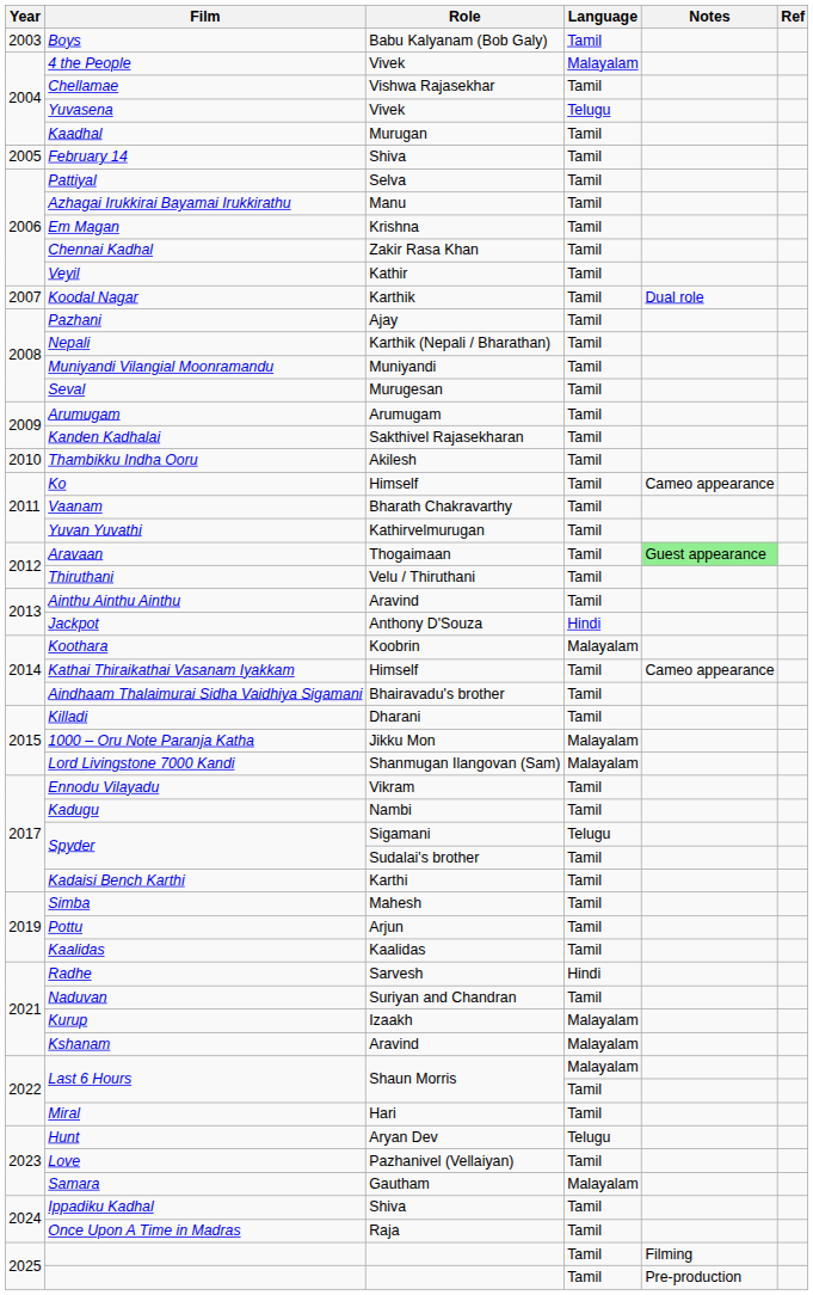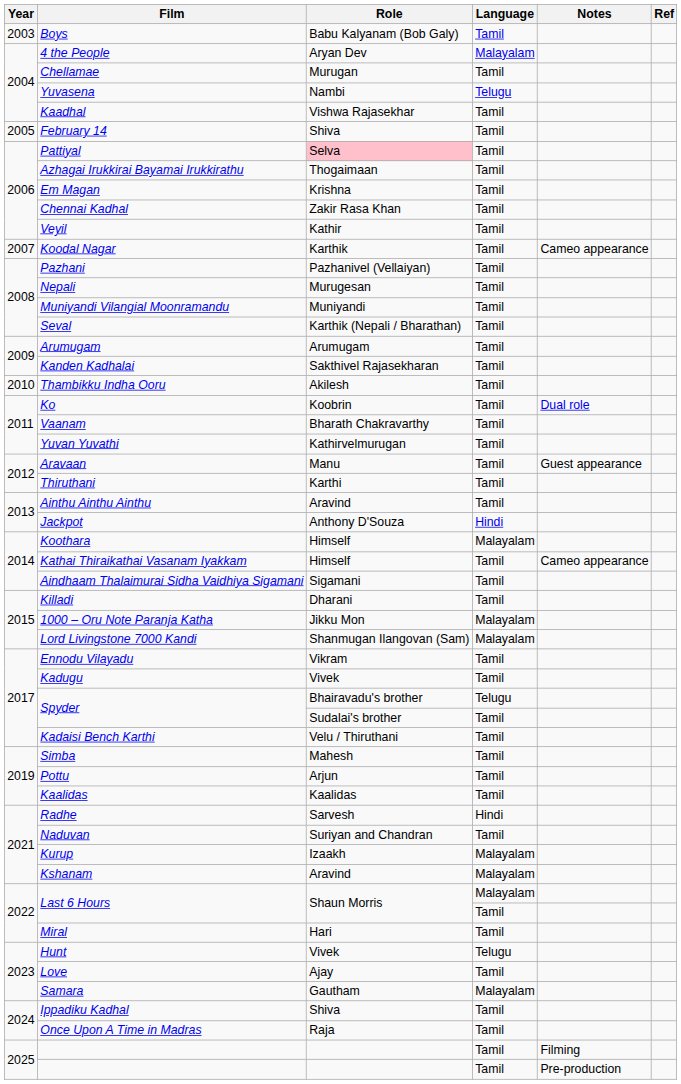 <table class="wikitable sortable">
 <tr>
 <th>Year</th>
 <th>Film</th>
 <th>Role</th>
 <th>Language</th>
 <th>Notes</th>
 <th>Ref</th>
 </tr>
 <tr>
 <td>2003</td>
 <td><em><a href='#'>Boys</a></em></td>
 <td>Babu Kalyanam (Bob Galy)</td>
 <td><a href='#'>Tamil</a></td>
 <td></td>
 <td></td>
 </tr>
 <tr>
 <td rowspan="4">2004</td>
 <td><em><a href='#'>4 the People</a></em></td>
-<td>Vivek</td>
+<td>Aryan Dev</td>
 <td><a href='#'>Malayalam</a></td>
 <td></td>
 <td></td>
 </tr>
 <tr>
 <td><em><a href='#'>Chellamae</a></em></td>
-<td>Vishwa Rajasekhar</td>
+<td>Murugan</td>
 <td>Tamil</td>
 <td></td>
 <td></td>
 </tr>
 <tr>
 <td><em><a href='#'>Yuvasena</a></em></td>
-<td>Vivek</td>
+<td>Nambi</td>
 <td><a href='#'>Telugu</a></td>
 <td></td>
 <td></td>
 </tr>
 <tr>
 <td><em><a href='#'>Kaadhal</a></em></td>
-<td>Murugan</td>
+<td>Vishwa Rajasekhar</td>
 <td>Tamil</td>
 <td></td>
 <td></td>
 </tr>
 <tr>
 <td>2005</td>
 <td><em><a href='#'>February 14</a></em></td>
 <td>Shiva</td>
 <td>Tamil</td>
 <td></td>
 <td></td>
 </tr>
 <tr>
 <td rowspan="5">2006</td>
 <td><em><a href='#'>Pattiyal</a></em></td>
-<td>Selva</td>
+<td style="background: pink;">Selva</td>
 <td>Tamil</td>
 <td></td>
 <td></td>
 </tr>
 <tr>
 <td><em><a href='#'>Azhagai Irukkirai Bayamai Irukkirathu</a></em></td>
-<td>Manu</td>
+<td>Thogaimaan</td>
 <td>Tamil</td>
 <td></td>
 <td></td>
 </tr>
 <tr>
 <td><em><a href='#'>Em Magan</a></em></td>
 <td>Krishna</td>
 <td>Tamil</td>
 <td></td>
 <td></td>
 </tr>
 <tr>
 <td><em><a href='#'>Chennai Kadhal</a></em></td>
 <td>Zakir Rasa Khan</td>
 <td>Tamil</td>
 <td></td>
 <td></td>
 </tr>
 <tr>
 <td><em><a href='#'>Veyil</a></em></td>
 <td>Kathir</td>
 <td>Tamil</td>
 <td></td>
 <td></td>
 </tr>
 <tr>
 <td>2007</td>
 <td><em><a href='#'>Koodal Nagar</a></em></td>
 <td>Karthik</td>
 <td>Tamil</td>
-<td><a href='#'>Dual role</a></td>
+<td>Cameo appearance</td>
 <td></td>
 </tr>
 <tr>
 <td rowspan="4">2008</td>
 <td><em><a href='#'>Pazhani</a></em></td>
-<td>Ajay</td>
+<td>Pazhanivel (Vellaiyan)</td>
 <td>Tamil</td>
 <td></td>
 <td></td>
 </tr>
 <tr>
 <td><em><a href='#'>Nepali</a></em></td>
-<td>Karthik (Nepali / Bharathan)</td>
+<td>Murugesan</td>
 <td>Tamil</td>
 <td></td>
 <td></td>
 </tr>
 <tr>
 <td><em><a href='#'>Muniyandi Vilangial Moonramandu</a></em></td>
 <td>Muniyandi</td>
 <td>Tamil</td>
 <td></td>
 <td></td>
 </tr>
 <tr>
 <td><em><a href='#'>Seval</a></em></td>
-<td>Murugesan</td>
+<td>Karthik (Nepali / Bharathan)</td>
 <td>Tamil</td>
 <td></td>
 <td></td>
 </tr>
 <tr>
 <td rowspan="2">2009</td>
 <td><em><a href='#'>Arumugam</a></em></td>
 <td>Arumugam</td>
 <td>Tamil</td>
 <td></td>
 <td></td>
 </tr>
 <tr>
 <td><em><a href='#'>Kanden Kadhalai</a></em></td>
 <td>Sakthivel Rajasekharan</td>
 <td>Tamil</td>
 <td></td>
 <td></td>
 </tr>
 <tr>
 <td>2010</td>
 <td><em><a href='#'>Thambikku Indha Ooru</a></em></td>
 <td>Akilesh</td>
 <td>Tamil</td>
 <td></td>
 <td></td>
 </tr>
 <tr>
 <td rowspan="3">2011</td>
 <td><em><a href='#'>Ko</a></em></td>
-<td>Himself</td>
+<td>Koobrin</td>
 <td>Tamil</td>
-<td>Cameo appearance</td>
+<td><a href='#'>Dual role</a></td>
 <td></td>
 </tr>
 <tr>
 <td><em><a href='#'>Vaanam</a></em></td>
 <td>Bharath Chakravarthy</td>
 <td>Tamil</td>
 <td></td>
 <td></td>
 </tr>
 <tr>
 <td><em><a href='#'>Yuvan Yuvathi</a></em></td>
 <td>Kathirvelmurugan</td>
 <td>Tamil</td>
 <td></td>
 <td></td>
 </tr>
 <tr>
 <td rowspan="2">2012</td>
 <td><em><a href='#'>Aravaan</a></em></td>
-<td>Thogaimaan</td>
+<td>Manu</td>
 <td>Tamil</td>
-<td style="background: lightgreen;">Guest appearance</td>
+<td>Guest appearance</td>
 <td></td>
 </tr>
 <tr>
 <td><em><a href='#'>Thiruthani</a></em></td>
-<td>Velu / Thiruthani</td>
+<td>Karthi</td>
 <td>Tamil</td>
 <td></td>
 <td></td>
 </tr>
 <tr>
 <td rowspan="2">2013</td>
 <td><em><a href='#'>Ainthu Ainthu Ainthu</a></em></td>
 <td>Aravind</td>
 <td>Tamil</td>
 <td></td>
 <td></td>
 </tr>
 <tr>
 <td><em><a href='#'>Jackpot</a></em></td>
 <td>Anthony D'Souza</td>
 <td><a href='#'>Hindi</a></td>
 <td></td>
 <td></td>
 </tr>
 <tr>
 <td rowspan="3">2014</td>
 <td><em><a href='#'>Koothara</a></em></td>
-<td>Koobrin</td>
+<td>Himself</td>
 <td>Malayalam</td>
 <td></td>
 <td></td>
 </tr>
 <tr>
 <td><em><a href='#'>Kathai Thiraikathai Vasanam Iyakkam</a></em></td>
 <td>Himself</td>
 <td>Tamil</td>
 <td>Cameo appearance</td>
 <td></td>
 </tr>
 <tr>
 <td><em><a href='#'>Aindhaam Thalaimurai Sidha Vaidhiya Sigamani</a></em></td>
-<td>Bhairavadu's brother</td>
+<td>Sigamani</td>
 <td>Tamil</td>
 <td></td>
 <td></td>
 </tr>
 <tr>
 <td rowspan="3">2015</td>
 <td><em><a href='#'>Killadi</a></em></td>
 <td>Dharani</td>
 <td>Tamil</td>
 <td></td>
 <td></td>
 </tr>
 <tr>
 <td><em><a href='#'>1000 – Oru Note Paranja Katha</a></em></td>
 <td>Jikku Mon</td>
 <td>Malayalam</td>
 <td></td>
 <td></td>
 </tr>
 <tr>
 <td><em><a href='#'>Lord Livingstone 7000 Kandi</a></em></td>
 <td>Shanmugan Ilangovan (Sam)</td>
 <td>Malayalam</td>
 <td></td>
 <td></td>
 </tr>
 <tr>
 <td rowspan="5">2017</td>
 <td><em><a href='#'>Ennodu Vilayadu</a></em></td>
 <td>Vikram</td>
 <td>Tamil</td>
 <td></td>
 <td></td>
 </tr>
 <tr>
 <td><em><a href='#'>Kadugu</a></em></td>
-<td>Nambi</td>
+<td>Vivek</td>
 <td>Tamil</td>
 <td></td>
 <td></td>
 </tr>
 <tr>
 <td rowspan="2"><em><a href='#'>Spyder</a></em></td>
-<td>Sigamani</td>
+<td>Bhairavadu's brother</td>
 <td>Telugu</td>
 <td></td>
 <td></td>
 </tr>
 <tr>
 <td>Sudalai's brother</td>
 <td>Tamil</td>
 <td></td>
 <td></td>
 </tr>
 <tr>
 <td><em><a href='#'>Kadaisi Bench Karthi</a></em></td>
-<td>Karthi</td>
+<td>Velu / Thiruthani</td>
 <td>Tamil</td>
 <td></td>
 <td></td>
 </tr>
 <tr>
 <td rowspan="3">2019</td>
 <td><em><a href='#'>Simba</a></em></td>
 <td>Mahesh</td>
 <td>Tamil</td>
 <td></td>
 <td></td>
 </tr>
 <tr>
 <td><em><a href='#'>Pottu</a></em></td>
 <td>Arjun</td>
 <td>Tamil</td>
 <td></td>
 <td></td>
 </tr>
 <tr>
 <td><em><a href='#'>Kaalidas</a></em></td>
 <td>Kaalidas</td>
 <td>Tamil</td>
 <td></td>
 <td></td>
 </tr>
 <tr>
 <td rowspan="4">2021</td>
 <td><em><a href='#'>Radhe</a></em></td>
 <td>Sarvesh</td>
 <td>Hindi</td>
 <td></td>
 <td></td>
 </tr>
 <tr>
 <td><em><a href='#'>Naduvan</a></em></td>
 <td>Suriyan and Chandran</td>
 <td>Tamil</td>
 <td></td>
 <td></td>
 </tr>
 <tr>
 <td><em><a href='#'>Kurup</a></em></td>
 <td>Izaakh</td>
 <td>Malayalam</td>
 <td></td>
 <td></td>
 </tr>
 <tr>
 <td><em><a href='#'>Kshanam</a></em></td>
 <td>Aravind</td>
 <td>Malayalam</td>
 <td></td>
 <td></td>
 </tr>
 <tr>
 <td rowspan="3">2022</td>
 <td rowspan="2"><em><a href='#'>Last 6 Hours</a></em></td>
 <td rowspan="2">Shaun Morris</td>
 <td>Malayalam</td>
 <td></td>
 <td></td>
 </tr>
 <tr>
 <td>Tamil</td>
 <td></td>
 <td></td>
 </tr>
 <tr>
 <td><em><a href='#'>Miral</a></em></td>
 <td>Hari</td>
 <td>Tamil</td>
 <td></td>
 <td></td>
 </tr>
 <tr>
 <td rowspan="3">2023</td>
 <td><em><a href='#'>Hunt</a></em></td>
-<td>Aryan Dev</td>
+<td>Vivek</td>
 <td>Telugu</td>
 <td></td>
 <td></td>
 </tr>
 <tr>
 <td><em><a href='#'>Love</a></em></td>
-<td>Pazhanivel (Vellaiyan)</td>
+<td>Ajay</td>
 <td>Tamil</td>
 <td></td>
 <td></td>
 </tr>
 <tr>
 <td><em><a href='#'>Samara</a></em></td>
 <td>Gautham</td>
 <td>Malayalam</td>
 <td></td>
 <td></td>
 </tr>
 <tr>
 <td rowspan="2">2024</td>
 <td><em><a href='#'>Ippadiku Kadhal</a></em></td>
 <td>Shiva</td>
 <td>Tamil</td>
 <td></td>
 <td></td>
 </tr>
 <tr>
 <td><em><a href='#'>Once Upon A Time in Madras</a></em></td>
 <td>Raja</td>
 <td>Tamil</td>
 <td></td>
 <td></td>
 </tr>
 <tr>
 <td rowspan="2">2025</td>
 <td></td>
 <td></td>
 <td>Tamil</td>
 <td>Filming</td>
 <td></td>
 </tr>
 <tr>
 <td></td>
 <td></td>
 <td>Tamil</td>
 <td>Pre-production</td>
 <td></td>
 </tr>
 </table>
